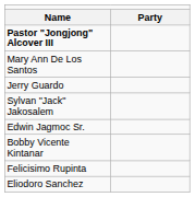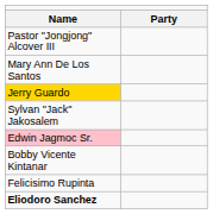 <table class=wikitable style="font-size:90%">
 <tr>
 <td colspan=4 bgcolor=></td>
 </tr>
 <tr>
 <th width=150px>Name</th>
 <th colspan=2 width=110px>Party</th>
 </tr>
 <tr>
-<td><strong>Pastor "Jongjong" Alcover III</strong></td>
+<td>Pastor "Jongjong" Alcover III</td>
 <td></td>
 </tr>
 <tr>
 <td>Mary Ann De Los Santos</td>
 <td></td>
 </tr>
 <tr>
-<td>Jerry Guardo</td>
+<td style="background: gold;">Jerry Guardo</td>
 <td></td>
 </tr>
 <tr>
 <td>Sylvan "Jack" Jakosalem</td>
 <td></td>
 </tr>
 <tr>
-<td>Edwin Jagmoc Sr.</td>
+<td style="background: pink;">Edwin Jagmoc Sr.</td>
 <td></td>
 </tr>
 <tr>
 <td>Bobby Vicente Kintanar</td>
 <td></td>
 </tr>
 <tr>
 <td>Felicisimo Rupinta</td>
 <td></td>
 </tr>
 <tr>
-<td>Eliodoro Sanchez</td>
+<td><strong>Eliodoro Sanchez</strong></td>
 <td></td>
 </tr>
 </table>
